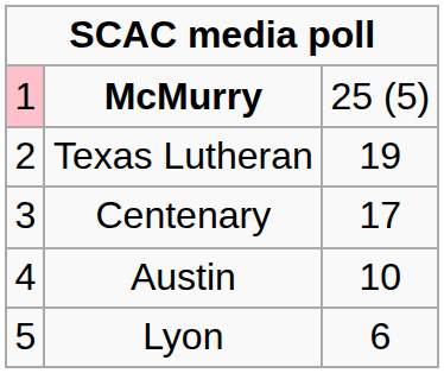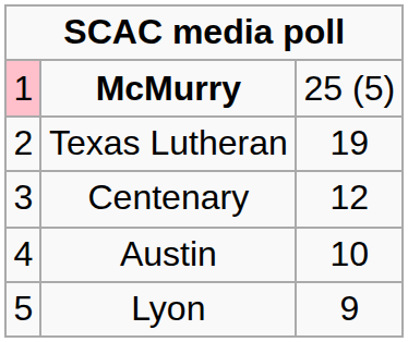 <table class="wikitable" style="display: inline-table;">
 <tr>
 <td align="center" Colspan="3"><strong>SCAC media poll</strong></td>
 </tr>
 <tr align="center">
 </tr>
 <tr align="center">
 <td style="background: pink;">1</td>
 <td><strong>McMurry</strong></td>
 <td>25 (5)</td>
 </tr>
 <tr align="center">
 <td>2</td>
 <td>Texas Lutheran</td>
 <td>19</td>
 </tr>
 <tr align="center">
 <td>3</td>
 <td>Centenary</td>
-<td>17</td>
+<td>12</td>
 </tr>
 <tr align="center">
 <td>4</td>
 <td>Austin</td>
 <td>10</td>
 </tr>
 <tr align="center">
 <td>5</td>
 <td>Lyon</td>
-<td>6</td>
+<td>9</td>
 </tr>
 </table>
